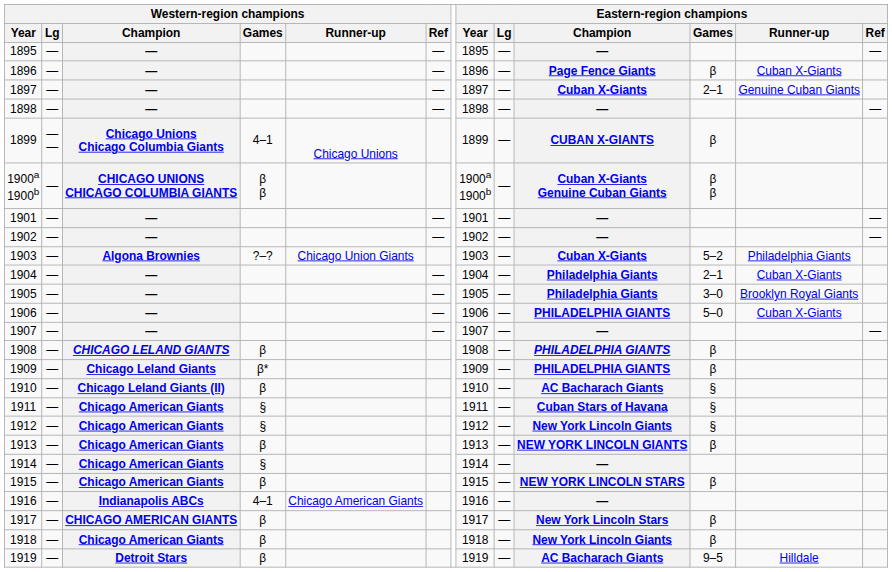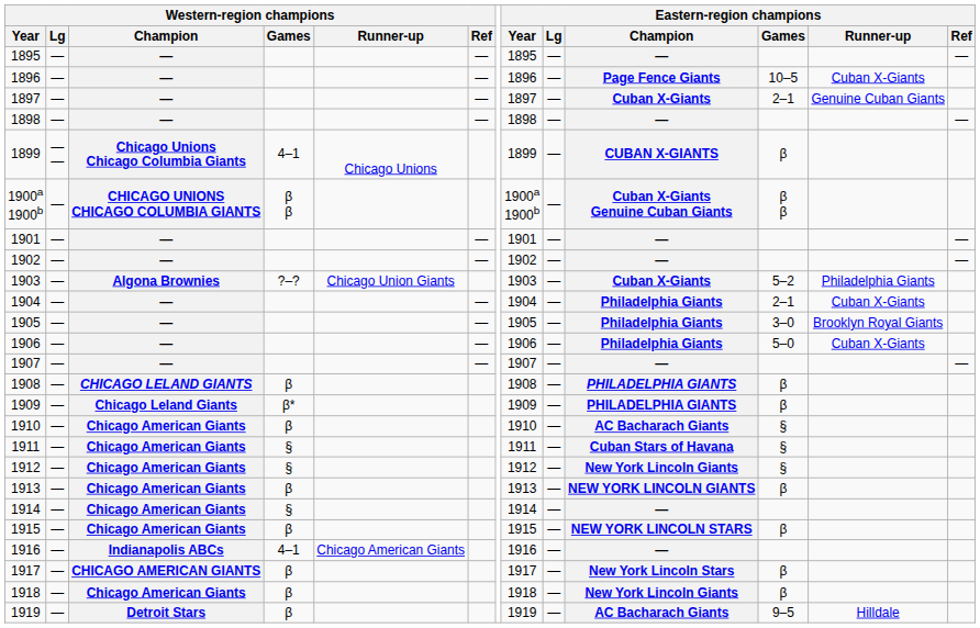 <table class="wikitable" style="text-align:center; font-size:90%;">
 <tr>
 <th colspan="6">Western-region champions</th>
 <th rowspan="27" style="background: #ffffff;"></th>
 <th colspan="6">Eastern-region champions</th>
 </tr>
 <tr>
 <th>Year</th>
 <th>Lg</th>
 <th>Champion</th>
 <th>Games</th>
 <th>Runner-up</th>
 <th>Ref</th>
 <th>Year</th>
 <th>Lg</th>
 <th>Champion</th>
 <th>Games</th>
 <th>Runner-up</th>
 <th>Ref</th>
 </tr>
 <tr>
 <td>1895</td>
 <td>—</td>
 <td bgcolor=#f2f2f2><strong>—</strong></td>
 <td></td>
 <td></td>
 <td>—</td>
 <td>1895</td>
 <td>—</td>
 <td bgcolor=#f2f2f2><strong>—</strong></td>
 <td></td>
 <td></td>
 <td>—</td>
 </tr>
 <tr>
 <td>1896</td>
 <td>—</td>
 <td bgcolor=#f2f2f2><strong>—</strong></td>
 <td></td>
 <td></td>
 <td>—</td>
 <td>1896</td>
 <td>—</td>
 <td bgcolor=#f2f2f2><strong><a href='#'>Page Fence Giants</a></strong></td>
-<td>β</td>
+<td>10–5</td>
 <td><a href='#'>Cuban X-Giants</a></td>
 <td></td>
 </tr>
 <tr>
 <td>1897</td>
 <td>—</td>
 <td bgcolor=#f2f2f2><strong>—</strong></td>
 <td></td>
 <td></td>
 <td>—</td>
 <td>1897</td>
 <td>—</td>
 <td bgcolor=#f2f2f2><strong><a href='#'>Cuban X-Giants</a></strong></td>
 <td>2–1</td>
 <td><a href='#'>Genuine Cuban Giants</a></td>
 <td></td>
 </tr>
 <tr>
 <td>1898</td>
 <td>—</td>
 <td bgcolor=#f2f2f2><strong>—</strong></td>
 <td></td>
 <td></td>
 <td>—</td>
 <td>1898</td>
 <td>—</td>
 <td bgcolor=#f2f2f2><strong>—</strong></td>
 <td></td>
 <td></td>
 <td>—</td>
 </tr>
 <tr>
 <td>1899</td>
 <td>—<br>—</td>
 <td bgcolor=#f2f2f2><span><strong><a href='#'>Chicago Unions</a></strong></span><br><span><strong><a href='#'>Chicago Columbia Giants</a></strong></span></td>
 <td>4–1</td>
 <td><br><br><a href='#'>Chicago Unions</a></td>
 <td></td>
 <td>1899</td>
 <td>—</td>
 <td bgcolor=#f2f2f2><span><strong><a href='#'>CUBAN X-GIANTS</a></strong></span></td>
 <td>β</td>
 <td></td>
 <td></td>
 </tr>
 <tr>
 <td>1900<sup>a</sup><br>1900<sup>b</sup></td>
 <td>—</td>
 <td bgcolor=#f2f2f2><span><strong><a href='#'>CHICAGO UNIONS</a></strong></span><br><span><strong><a href='#'>CHICAGO COLUMBIA GIANTS</a></strong></span></td>
 <td>β<br>β</td>
 <td><br><br><br></td>
 <td></td>
 <td>1900<sup>a</sup><br>1900<sup>b</sup></td>
 <td>—</td>
 <td bgcolor=#f2f2f2><span><strong><a href='#'>Cuban X-Giants</a></strong></span><br><span><strong><a href='#'>Genuine Cuban Giants</a></strong></span></td>
 <td>β<br>β</td>
 <td><br><br><br></td>
 <td></td>
 </tr>
 <tr>
 <td>1901</td>
 <td>—</td>
 <td bgcolor=#f2f2f2><strong>—</strong></td>
 <td></td>
 <td></td>
 <td>—</td>
 <td>1901</td>
 <td>—</td>
 <td bgcolor=#f2f2f2><strong>—</strong></td>
 <td></td>
 <td></td>
 <td>—</td>
 </tr>
 <tr>
 <td>1902</td>
 <td>—</td>
 <td bgcolor=#f2f2f2><strong>—</strong></td>
 <td></td>
 <td></td>
 <td>—</td>
 <td>1902</td>
 <td>—</td>
 <td bgcolor=#f2f2f2><strong>—</strong></td>
 <td></td>
 <td></td>
 <td>—</td>
 </tr>
 <tr>
 <td>1903</td>
 <td>—</td>
 <td bgcolor=#f2f2f2><strong><a href='#'>Algona Brownies</a></strong></td>
 <td>?–?</td>
 <td><a href='#'>Chicago Union Giants</a></td>
 <td></td>
 <td>1903</td>
 <td>—</td>
 <td bgcolor=#f2f2f2><strong><a href='#'>Cuban X-Giants</a></strong></td>
 <td>5–2</td>
 <td><a href='#'>Philadelphia Giants</a></td>
 <td></td>
 </tr>
 <tr>
 <td>1904</td>
 <td>—</td>
 <td bgcolor=#f2f2f2><strong>—</strong></td>
 <td></td>
 <td></td>
 <td>—</td>
 <td>1904</td>
 <td>—</td>
 <td bgcolor=#f2f2f2><strong><a href='#'>Philadelphia Giants</a></strong></td>
 <td>2–1</td>
 <td><a href='#'>Cuban X-Giants</a></td>
 <td></td>
 </tr>
 <tr>
 <td>1905</td>
 <td>—</td>
 <td bgcolor=#f2f2f2><strong>—</strong></td>
 <td></td>
 <td></td>
 <td>—</td>
 <td>1905</td>
 <td>—</td>
 <td bgcolor=#f2f2f2><strong><a href='#'>Philadelphia Giants</a></strong></td>
 <td>3–0</td>
 <td><a href='#'>Brooklyn Royal Giants</a></td>
 <td></td>
 </tr>
 <tr>
 <td>1906</td>
 <td>—</td>
 <td bgcolor=#f2f2f2><strong>—</strong></td>
 <td></td>
 <td></td>
 <td>—</td>
 <td>1906</td>
 <td>—</td>
-<td bgcolor=#f2f2f2><span><strong><a href='#'>PHILADELPHIA GIANTS</a></strong></span></td>
+<td bgcolor=#f2f2f2><strong><a href='#'>Philadelphia Giants</a></strong></td>
 <td>5–0</td>
 <td><a href='#'>Cuban X-Giants</a></td>
 <td></td>
 </tr>
 <tr>
 <td>1907</td>
 <td>—</td>
 <td bgcolor=#f2f2f2><strong>—</strong></td>
 <td></td>
 <td></td>
 <td>—</td>
 <td>1907</td>
 <td>—</td>
 <td bgcolor=#f2f2f2><strong>—</strong></td>
 <td></td>
 <td></td>
 <td>—</td>
 </tr>
 <tr>
 <td>1908</td>
 <td>—</td>
 <td bgcolor=#f2f2f2><span><strong><a href='#'><em>CHICAGO LELAND GIANTS</em></a></strong></span></td>
 <td>β</td>
 <td></td>
 <td></td>
 <td>1908</td>
 <td>—</td>
 <td bgcolor=#f2f2f2><span><strong><a href='#'><em>PHILADELPHIA GIANTS</em></a></strong></span></td>
 <td>β</td>
 <td></td>
 <td></td>
 </tr>
 <tr>
 <td>1909</td>
 <td>—</td>
 <td bgcolor=#f2f2f2><span><strong><a href='#'>Chicago Leland Giants</a></strong></span></td>
 <td>β*</td>
 <td></td>
 <td></td>
 <td>1909</td>
 <td>—</td>
 <td bgcolor=#f2f2f2><span><strong><a href='#'>PHILADELPHIA GIANTS</a></strong></span></td>
 <td>β</td>
 <td></td>
 <td></td>
 </tr>
 <tr>
 <td>1910</td>
 <td>—</td>
-<td bgcolor=#f2f2f2><strong><a href='#'>Chicago Leland Giants (II)</a></strong></td>
+<td bgcolor=#f2f2f2><span><strong><a href='#'>Chicago American Giants</a></strong></span></td>
 <td>β</td>
 <td></td>
 <td></td>
 <td>1910</td>
 <td>—</td>
 <td bgcolor=#f2f2f2><strong><a href='#'>AC Bacharach Giants</a></strong></td>
 <td>§</td>
 <td></td>
 <td></td>
 </tr>
 <tr>
 <td>1911</td>
 <td>—</td>
 <td bgcolor=#f2f2f2><strong><a href='#'>Chicago American Giants</a></strong></td>
 <td>§</td>
 <td></td>
 <td></td>
 <td>1911</td>
 <td>—</td>
 <td bgcolor=#f2f2f2><strong><a href='#'>Cuban Stars of Havana</a></strong></td>
 <td>§</td>
 <td></td>
 <td></td>
 </tr>
 <tr>
 <td>1912</td>
 <td>—</td>
 <td bgcolor=#f2f2f2><strong><a href='#'>Chicago American Giants</a></strong></td>
 <td>§</td>
 <td></td>
 <td></td>
 <td>1912</td>
 <td>—</td>
 <td bgcolor=#f2f2f2><strong><a href='#'>New York Lincoln Giants</a></strong></td>
 <td>§</td>
 <td></td>
 <td></td>
 </tr>
 <tr>
 <td>1913</td>
 <td>—</td>
 <td bgcolor=#f2f2f2><span><strong><a href='#'>Chicago American Giants</a></strong></span></td>
 <td>β</td>
 <td></td>
 <td></td>
 <td>1913</td>
 <td>—</td>
 <td bgcolor=#f2f2f2><span><strong><a href='#'>NEW YORK LINCOLN GIANTS</a></strong></span></td>
 <td>β</td>
 <td></td>
 <td></td>
 </tr>
 <tr>
 <td>1914</td>
 <td>—</td>
 <td bgcolor=#f2f2f2><strong><a href='#'>Chicago American Giants</a></strong></td>
 <td>§</td>
 <td></td>
 <td></td>
 <td>1914</td>
 <td>—</td>
 <td bgcolor=#f2f2f2><strong>—</strong></td>
 <td></td>
 <td></td>
 <td></td>
 </tr>
 <tr>
 <td>1915</td>
 <td>—</td>
 <td bgcolor=#f2f2f2><span><strong><a href='#'>Chicago American Giants</a></strong></span></td>
 <td>β</td>
 <td></td>
 <td></td>
 <td>1915</td>
 <td>—</td>
 <td bgcolor=#f2f2f2><span><strong><a href='#'>NEW YORK LINCOLN STARS</a></strong></span></td>
 <td>β</td>
 <td></td>
 <td></td>
 </tr>
 <tr>
 <td>1916</td>
 <td>—</td>
 <td bgcolor=#f2f2f2><strong><a href='#'>Indianapolis ABCs</a></strong></td>
 <td>4–1</td>
 <td><a href='#'>Chicago American Giants</a></td>
 <td></td>
 <td>1916</td>
 <td>—</td>
 <td bgcolor=#f2f2f2><strong>—</strong></td>
 <td></td>
 <td></td>
 <td></td>
 </tr>
 <tr>
 <td>1917</td>
 <td>—</td>
 <td bgcolor=#f2f2f2><span><strong><a href='#'>CHICAGO AMERICAN GIANTS</a></strong></span></td>
 <td>β</td>
 <td></td>
 <td></td>
 <td>1917</td>
 <td>—</td>
 <td bgcolor=#f2f2f2><span><strong><a href='#'>New York Lincoln Stars</a></strong></span></td>
 <td>β</td>
 <td></td>
 <td></td>
 </tr>
 <tr>
 <td>1918</td>
 <td>—</td>
 <td bgcolor=#f2f2f2><strong><a href='#'>Chicago American Giants</a></strong></td>
 <td>β</td>
 <td></td>
 <td></td>
 <td>1918</td>
 <td>—</td>
 <td bgcolor=#f2f2f2><strong><a href='#'>New York Lincoln Giants</a></strong></td>
 <td>β</td>
 <td></td>
 <td></td>
 </tr>
 <tr>
 <td>1919</td>
 <td>—</td>
 <td bgcolor=#f2f2f2><strong><a href='#'>Detroit Stars</a></strong></td>
 <td>β</td>
 <td></td>
 <td></td>
 <td>1919</td>
 <td>—</td>
 <td bgcolor=#f2f2f2><strong><a href='#'>AC Bacharach Giants</a></strong></td>
 <td>9–5</td>
 <td><a href='#'>Hilldale</a></td>
 <td></td>
 </tr>
 </table>
